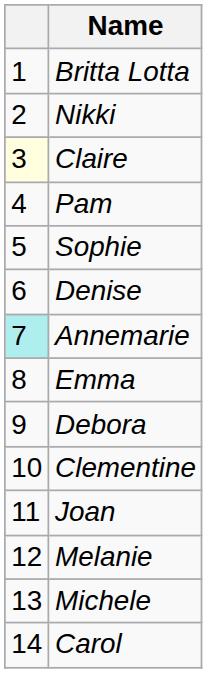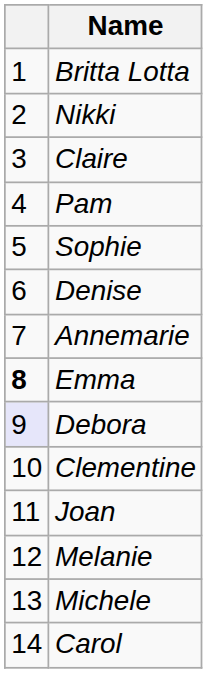 <table class="wikitable floatright">
 <tr>
 <th></th>
 <th>Name</th>
 </tr>
 <tr>
 <td>1</td>
 <td><em>Britta Lotta</em></td>
 </tr>
 <tr>
 <td>2</td>
 <td><em>Nikki</em></td>
 </tr>
 <tr>
-<td style="background: lightyellow;">3</td>
+<td>3</td>
 <td><em>Claire</em></td>
 </tr>
 <tr>
 <td>4</td>
 <td><em>Pam</em></td>
 </tr>
 <tr>
 <td>5</td>
 <td><em>Sophie</em></td>
 </tr>
 <tr>
 <td>6</td>
 <td><em>Denise</em></td>
 </tr>
 <tr>
-<td style="background: paleturquoise;">7</td>
+<td>7</td>
 <td><em>Annemarie</em></td>
 </tr>
 <tr>
-<td>8</td>
+<td><strong>8</strong></td>
 <td><em>Emma</em></td>
 </tr>
 <tr>
-<td>9</td>
+<td style="background: lavender;">9</td>
 <td><em>Debora</em></td>
 </tr>
 <tr>
 <td>10</td>
 <td><em>Clementine</em></td>
 </tr>
 <tr>
 <td>11</td>
 <td><em>Joan</em></td>
 </tr>
 <tr>
 <td>12</td>
 <td><em>Melanie</em></td>
 </tr>
 <tr>
 <td>13</td>
 <td><em>Michele</em></td>
 </tr>
 <tr>
 <td>14</td>
 <td><em>Carol</em></td>
 </tr>
 </table>
